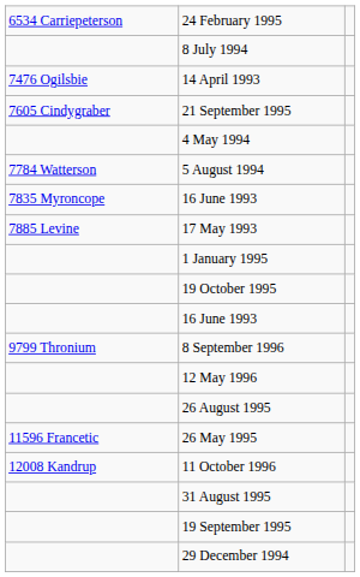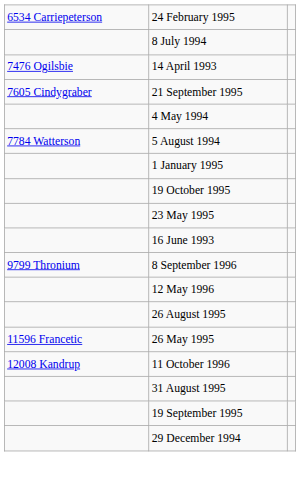 <table class="wikitable" style="font-size: 89%; float: left; width: 25em; margin-right: 1em; line-height: 1.65em !important; height: 540px;">
 <tr>
 <td><a href='#'>6534 Carriepeterson</a></td>
 <td>24 February 1995</td>
 <td></td>
 </tr>
 <tr>
 <td></td>
 <td>8 July 1994</td>
 <td></td>
 </tr>
 <tr>
 <td><a href='#'>7476 Ogilsbie</a></td>
 <td>14 April 1993</td>
 <td></td>
 </tr>
 <tr>
 <td><a href='#'>7605 Cindygraber</a></td>
 <td>21 September 1995</td>
 <td></td>
 </tr>
 <tr>
 <td></td>
 <td>4 May 1994</td>
 <td></td>
 </tr>
 <tr>
 <td><a href='#'>7784 Watterson</a></td>
 <td>5 August 1994</td>
 <td></td>
 </tr>
 <tr>
-<td><a href='#'>7835 Myroncope</a></td>
-<td>16 June 1993</td>
-<td></td>
-</tr>
-<tr>
-<td><a href='#'>7885 Levine</a></td>
-<td>17 May 1993</td>
-<td></td>
-</tr>
-<tr>
 <td></td>
 <td>1 January 1995</td>
 <td></td>
 </tr>
 <tr>
 <td></td>
 <td>19 October 1995</td>
+<td></td>
+</tr>
+<tr>
+<td></td>
+<td>23 May 1995</td>
 <td></td>
 </tr>
 <tr>
 <td></td>
 <td>16 June 1993</td>
 <td></td>
 </tr>
 <tr>
 <td><a href='#'>9799 Thronium</a></td>
 <td>8 September 1996</td>
 <td></td>
 </tr>
 <tr>
 <td></td>
 <td>12 May 1996</td>
 <td></td>
 </tr>
 <tr>
 <td></td>
 <td>26 August 1995</td>
 <td></td>
 </tr>
 <tr>
 <td><a href='#'>11596 Francetic</a></td>
 <td>26 May 1995</td>
 <td></td>
 </tr>
 <tr>
 <td><a href='#'>12008 Kandrup</a></td>
 <td>11 October 1996</td>
 <td></td>
 </tr>
 <tr>
 <td></td>
 <td>31 August 1995</td>
 <td></td>
 </tr>
 <tr>
 <td></td>
 <td>19 September 1995</td>
 <td></td>
 </tr>
 <tr>
 <td></td>
 <td>29 December 1994</td>
 <td></td>
 </tr>
 </table>
